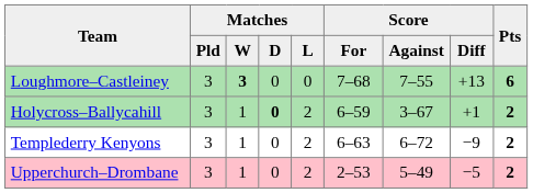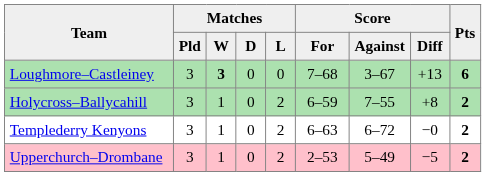 <table style=border-collapse:collapse border=1 cellspacing=0 cellpadding=5>
 <tr align=center bgcolor=#efefef>
 <th rowspan=2 width=165>Team</th>
 <th colspan=4>Matches</th>
 <th colspan=3>Score</th>
 <th rowspan=2width=20>Pts</th>
 </tr>
 <tr align=center bgcolor=#efefef>
 <th width=20>Pld</th>
 <th width=20>W</th>
 <th width=20>D</th>
 <th width=20>L</th>
 <th width=45>For</th>
 <th width=45>Against</th>
 <th width=30>Diff</th>
 </tr>
 <tr align=center style="background:#ACE1AF;">
 <td style="text-align:left;"> <a href='#'>Loughmore–Castleiney</a></td>
 <td>3</td>
 <td><strong>3</strong></td>
 <td>0</td>
 <td>0</td>
 <td>7–68</td>
-<td>7–55</td>
+<td>3–67</td>
 <td>+13</td>
 <td><strong>6</strong></td>
 </tr>
 <tr align=center style="background:#ACE1AF;">
 <td style="text-align:left;"> <a href='#'>Holycross–Ballycahill</a></td>
 <td>3</td>
 <td>1</td>
-<td><strong>0</strong></td>
+<td>0</td>
 <td>2</td>
 <td>6–59</td>
-<td>3–67</td>
-<td>+1</td>
+<td>7–55</td>
+<td>+8</td>
 <td><strong>2</strong></td>
 </tr>
 <tr align=center>
 <td style="text-align:left;"> <a href='#'>Templederry Kenyons</a></td>
 <td>3</td>
 <td>1</td>
 <td>0</td>
 <td>2</td>
 <td>6–63</td>
 <td>6–72</td>
-<td>−9</td>
+<td>−0</td>
 <td><strong>2</strong></td>
 </tr>
 <tr align=center style="background:#FFC0CB;">
 <td style="text-align:left;"> <a href='#'>Upperchurch–Drombane</a></td>
 <td>3</td>
 <td>1</td>
 <td>0</td>
 <td>2</td>
 <td>2–53</td>
 <td>5–49</td>
 <td>−5</td>
 <td><strong>2</strong></td>
 </tr>
 </table>
